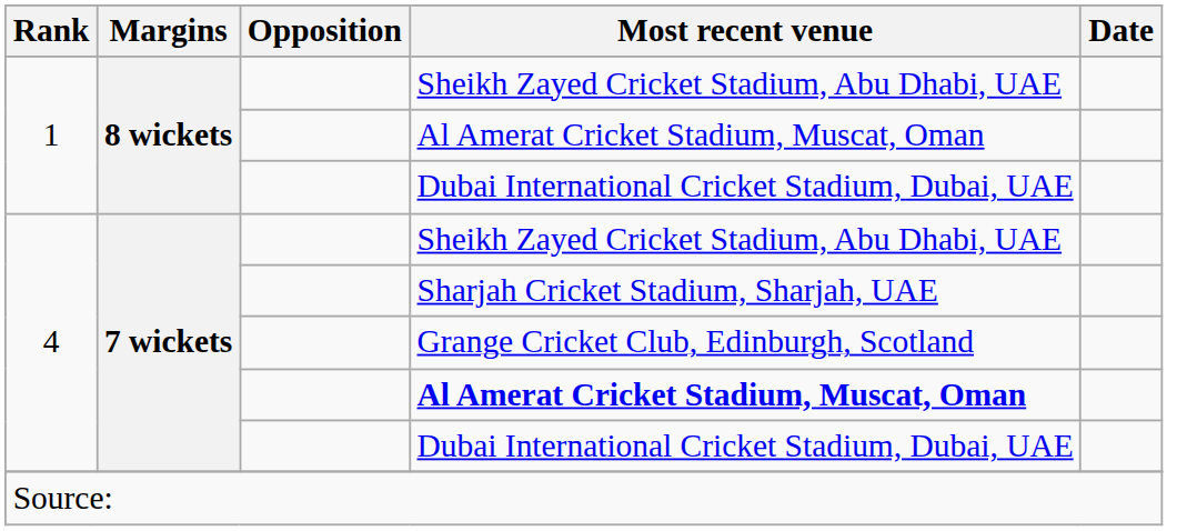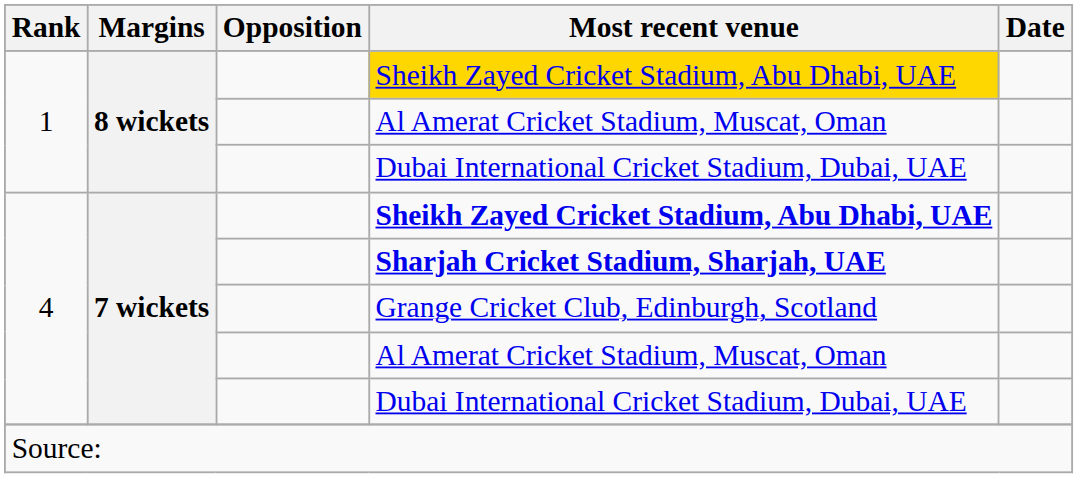 <table class="wikitable plainrowheaders sortable">
 <tr>
 <th scope="col">Rank</th>
 <th scope="col">Margins</th>
 <th scope="col">Opposition</th>
 <th scope="col">Most recent venue</th>
 <th scope="col">Date</th>
 </tr>
 <tr>
 <td rowspan="3" align="center">1</td>
 <th rowspan="3" scope="row" style="text-align:center">8 wickets</th>
 <td></td>
-<td><a href='#'>Sheikh Zayed Cricket Stadium, Abu Dhabi, UAE</a></td>
+<td style="background: gold;"><a href='#'>Sheikh Zayed Cricket Stadium, Abu Dhabi, UAE</a></td>
 <td></td>
 </tr>
 <tr>
 <td></td>
 <td><a href='#'>Al Amerat Cricket Stadium, Muscat, Oman</a></td>
 <td></td>
 </tr>
 <tr>
 <td></td>
 <td><a href='#'>Dubai International Cricket Stadium, Dubai, UAE</a></td>
 <td></td>
 </tr>
 <tr>
 <td rowspan="5" align="center">4</td>
 <th rowspan="5" scope="row" style="text-align:center">7 wickets</th>
 <td></td>
-<td><a href='#'>Sheikh Zayed Cricket Stadium, Abu Dhabi, UAE</a></td>
+<td><strong><a href='#'>Sheikh Zayed Cricket Stadium, Abu Dhabi, UAE</a></strong></td>
 <td></td>
 </tr>
 <tr>
 <td></td>
-<td><a href='#'>Sharjah Cricket Stadium, Sharjah, UAE</a></td>
+<td><strong><a href='#'>Sharjah Cricket Stadium, Sharjah, UAE</a></strong></td>
 <td></td>
 </tr>
 <tr>
 <td></td>
 <td><a href='#'>Grange Cricket Club, Edinburgh, Scotland</a></td>
 <td></td>
 </tr>
 <tr>
 <td></td>
-<td><strong><a href='#'>Al Amerat Cricket Stadium, Muscat, Oman</a></strong></td>
+<td><a href='#'>Al Amerat Cricket Stadium, Muscat, Oman</a></td>
 <td></td>
 </tr>
 <tr>
 <td></td>
 <td><a href='#'>Dubai International Cricket Stadium, Dubai, UAE</a></td>
 <td></td>
 </tr>
 <tr>
 </tr>
 <tr class="sortbottom">
 <td colspan="5">Source: </td>
 </tr>
 </table>
